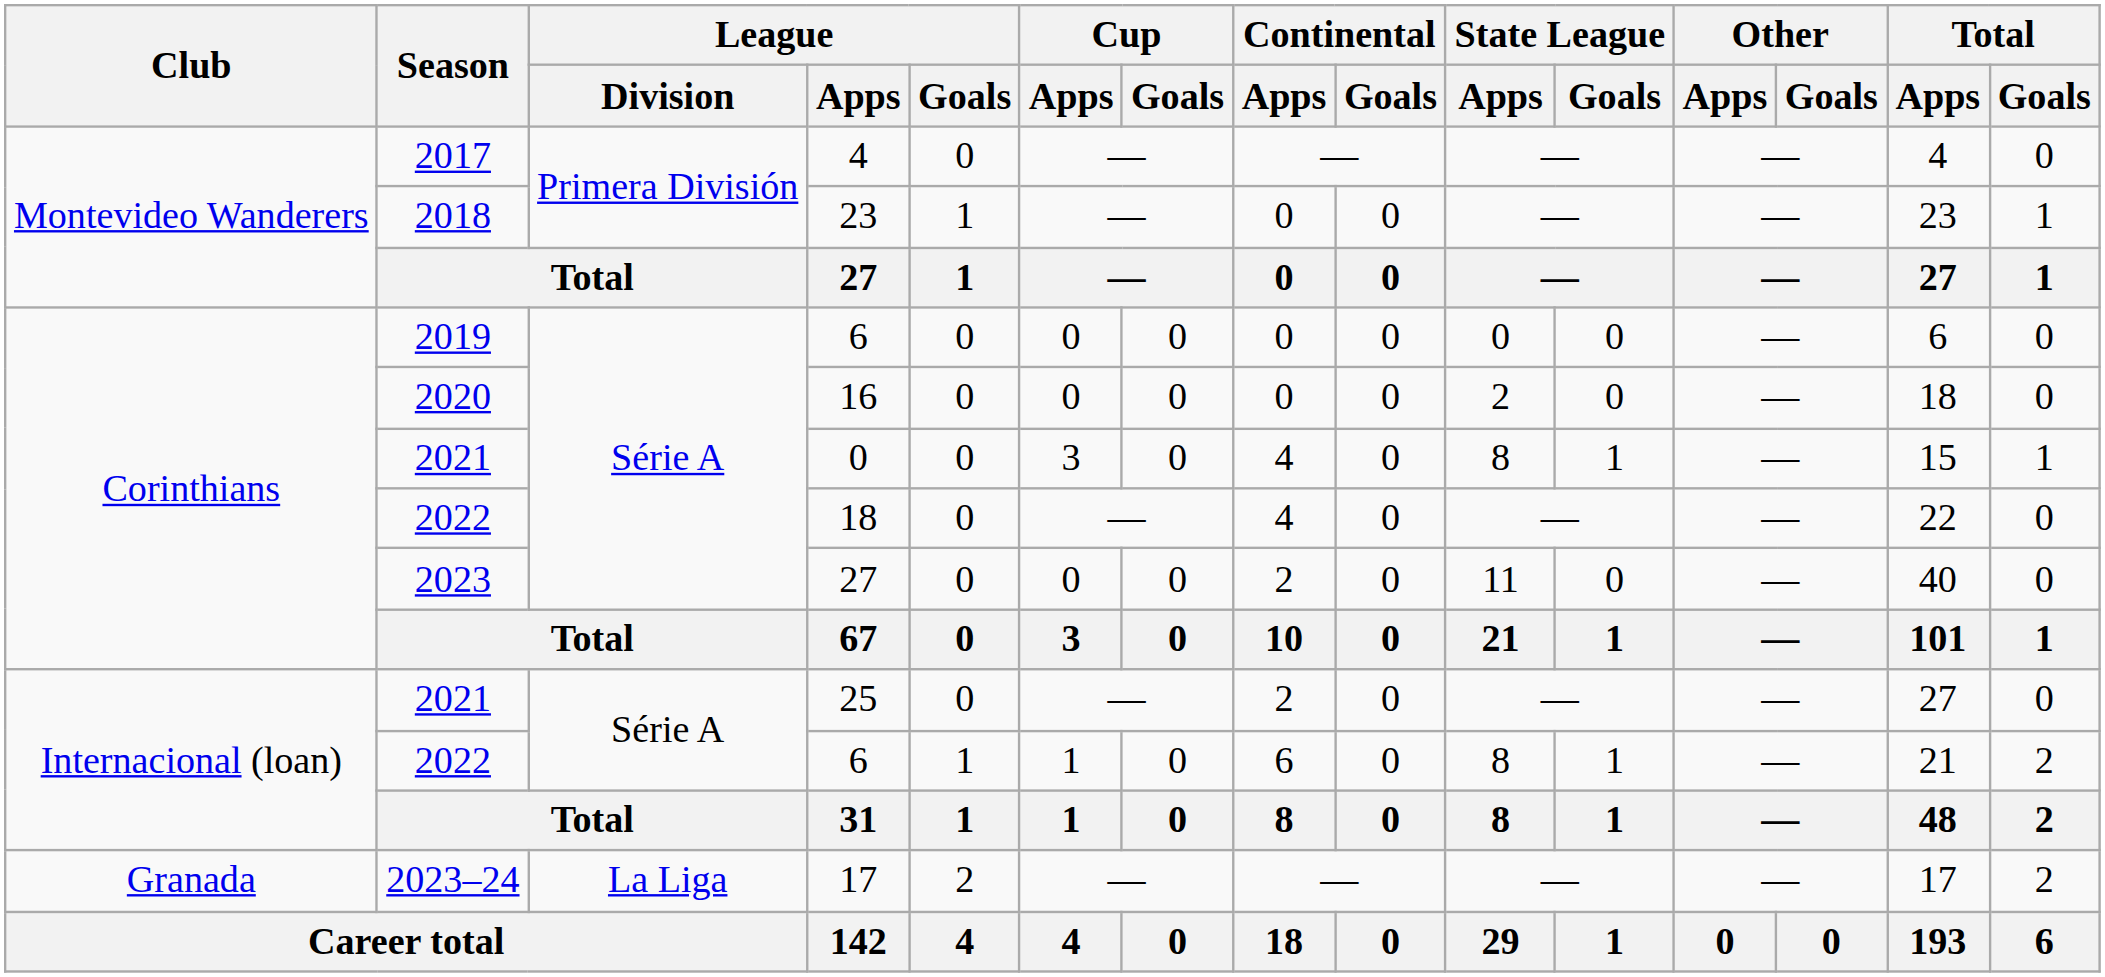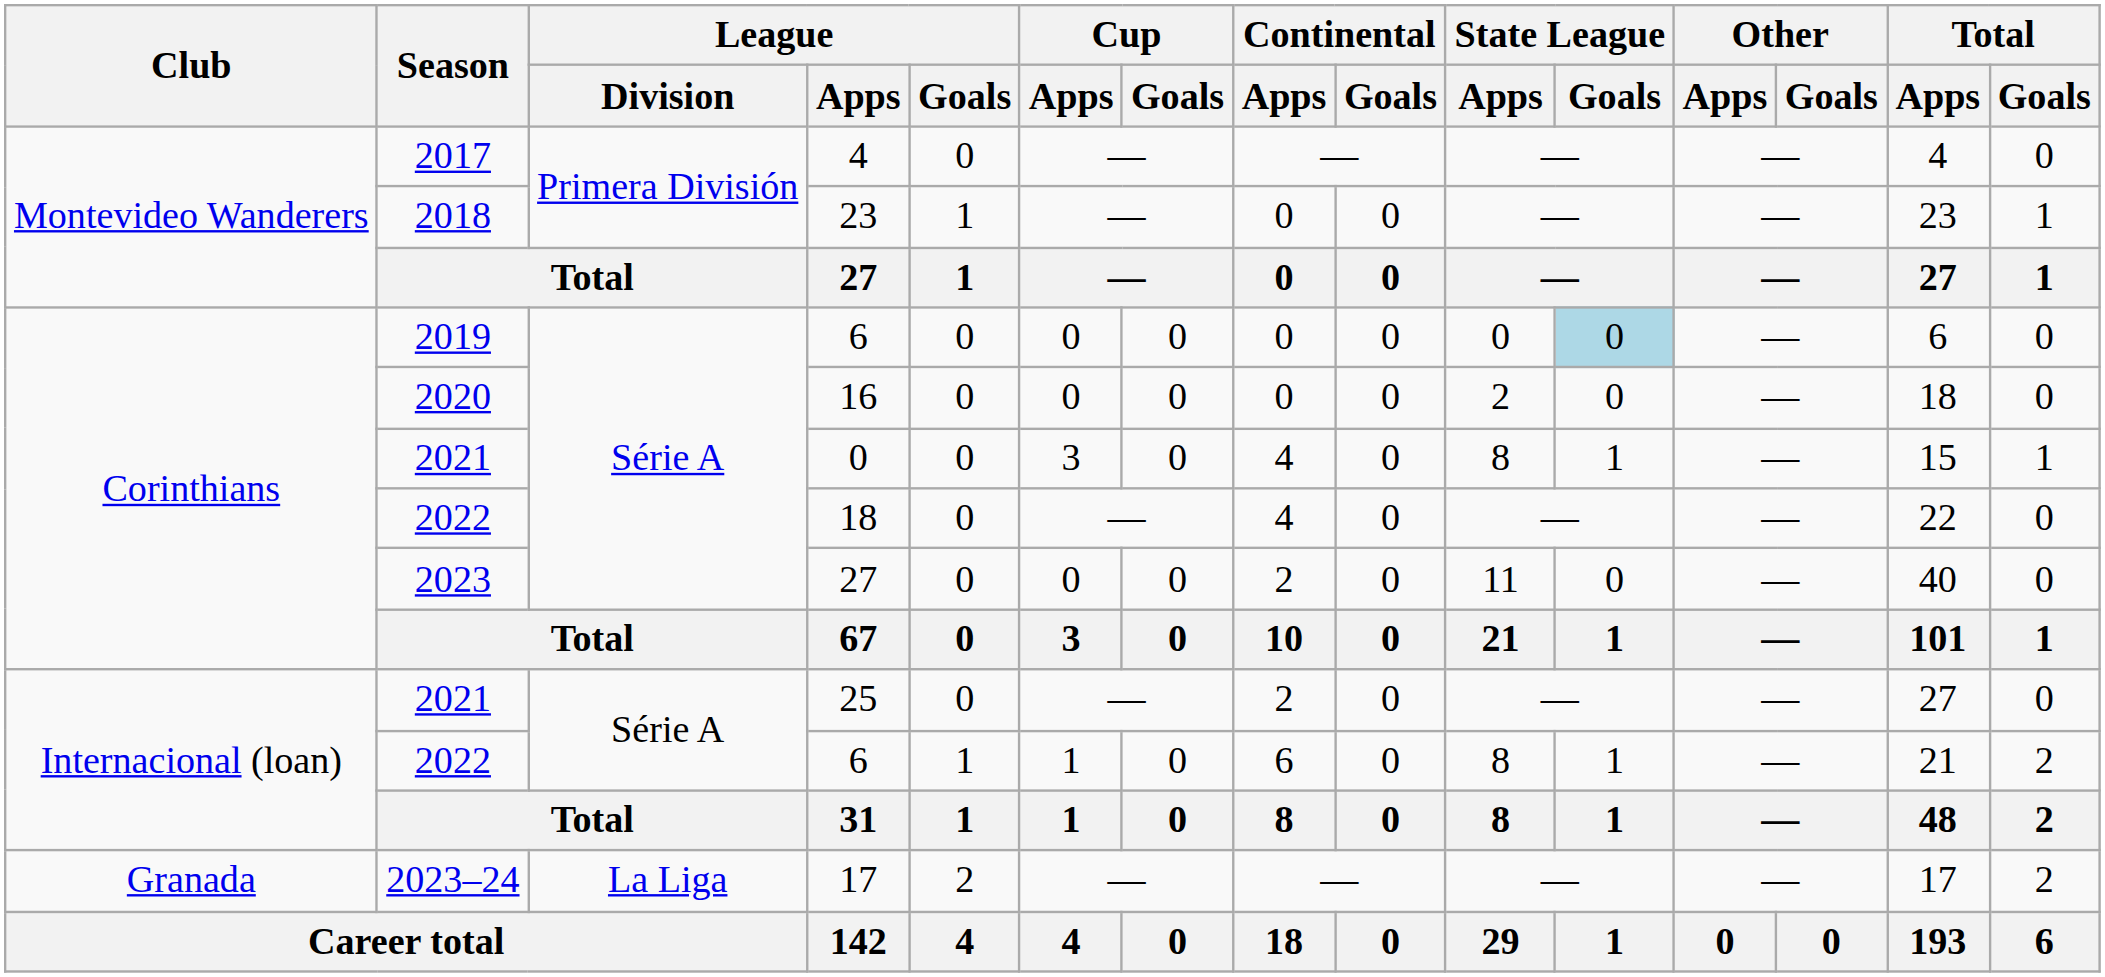 <table class="wikitable" Style="text-align: center">
 <tr>
 <th rowspan="2">Club</th>
 <th rowspan="2">Season</th>
 <th colspan="3">League</th>
 <th colspan="2">Cup</th>
 <th colspan="2">Continental</th>
 <th colspan="2">State League</th>
 <th colspan="2">Other</th>
 <th colspan="2">Total</th>
 </tr>
 <tr>
 <th>Division</th>
 <th>Apps</th>
 <th>Goals</th>
 <th>Apps</th>
 <th>Goals</th>
 <th>Apps</th>
 <th>Goals</th>
 <th>Apps</th>
 <th>Goals</th>
 <th>Apps</th>
 <th>Goals</th>
 <th>Apps</th>
 <th>Goals</th>
 </tr>
 <tr>
 <td rowspan="3"><a href='#'>Montevideo Wanderers</a></td>
 <td><a href='#'>2017</a></td>
 <td rowspan="2"><a href='#'>Primera División</a></td>
 <td>4</td>
 <td>0</td>
 <td colspan="2">—</td>
 <td colspan="2">—</td>
 <td colspan="2">—</td>
 <td colspan="2">—</td>
 <td>4</td>
 <td>0</td>
 </tr>
 <tr>
 <td><a href='#'>2018</a></td>
 <td>23</td>
 <td>1</td>
 <td colspan="2">—</td>
 <td>0</td>
 <td>0</td>
 <td colspan="2">—</td>
 <td colspan="2">—</td>
 <td>23</td>
 <td>1</td>
 </tr>
 <tr>
 <th colspan="2">Total</th>
 <th>27</th>
 <th>1</th>
 <th colspan="2">—</th>
 <th>0</th>
 <th>0</th>
 <th colspan="2">—</th>
 <th colspan="2">—</th>
 <th>27</th>
 <th>1</th>
 </tr>
 <tr>
 <td rowspan="6"><a href='#'>Corinthians</a></td>
 <td><a href='#'>2019</a></td>
 <td rowspan="5"><a href='#'>Série A</a></td>
 <td>6</td>
 <td>0</td>
 <td>0</td>
 <td>0</td>
 <td>0</td>
 <td>0</td>
 <td>0</td>
-<td>0</td>
+<td style="background: lightblue;">0</td>
 <td colspan="2">—</td>
 <td>6</td>
 <td>0</td>
 </tr>
 <tr>
 <td><a href='#'>2020</a></td>
 <td>16</td>
 <td>0</td>
 <td>0</td>
 <td>0</td>
 <td>0</td>
 <td>0</td>
 <td>2</td>
 <td>0</td>
 <td colspan="2">—</td>
 <td>18</td>
 <td>0</td>
 </tr>
 <tr>
 <td><a href='#'>2021</a></td>
 <td>0</td>
 <td>0</td>
 <td>3</td>
 <td>0</td>
 <td>4</td>
 <td>0</td>
 <td>8</td>
 <td>1</td>
 <td colspan="2">—</td>
 <td>15</td>
 <td>1</td>
 </tr>
 <tr>
 <td><a href='#'>2022</a></td>
 <td>18</td>
 <td>0</td>
 <td colspan="2">—</td>
 <td>4</td>
 <td>0</td>
 <td colspan="2">—</td>
 <td colspan="2">—</td>
 <td>22</td>
 <td>0</td>
 </tr>
 <tr>
 <td><a href='#'>2023</a></td>
 <td>27</td>
 <td>0</td>
 <td>0</td>
 <td>0</td>
 <td>2</td>
 <td>0</td>
 <td>11</td>
 <td>0</td>
 <td colspan="2">—</td>
 <td>40</td>
 <td>0</td>
 </tr>
 <tr>
 <th colspan="2">Total</th>
 <th>67</th>
 <th>0</th>
 <th>3</th>
 <th>0</th>
 <th>10</th>
 <th>0</th>
 <th>21</th>
 <th>1</th>
 <th colspan="2">—</th>
 <th>101</th>
 <th>1</th>
 </tr>
 <tr>
 <td rowspan="3"><a href='#'>Internacional</a> (loan)</td>
 <td><a href='#'>2021</a></td>
 <td rowspan="2">Série A</td>
 <td>25</td>
 <td>0</td>
 <td colspan="2">—</td>
 <td>2</td>
 <td>0</td>
 <td colspan="2">—</td>
 <td colspan="2">—</td>
 <td>27</td>
 <td>0</td>
 </tr>
 <tr>
 <td><a href='#'>2022</a></td>
 <td>6</td>
 <td>1</td>
 <td>1</td>
 <td>0</td>
 <td>6</td>
 <td>0</td>
 <td>8</td>
 <td>1</td>
 <td colspan="2">—</td>
 <td>21</td>
 <td>2</td>
 </tr>
 <tr>
 <th colspan="2">Total</th>
 <th>31</th>
 <th>1</th>
 <th>1</th>
 <th>0</th>
 <th>8</th>
 <th>0</th>
 <th>8</th>
 <th>1</th>
 <th colspan="2">—</th>
 <th>48</th>
 <th>2</th>
 </tr>
 <tr>
 <td><a href='#'>Granada</a></td>
 <td><a href='#'>2023–24</a></td>
 <td><a href='#'>La Liga</a></td>
 <td>17</td>
 <td>2</td>
 <td colspan="2">—</td>
 <td colspan="2">—</td>
 <td colspan="2">—</td>
 <td colspan="2">—</td>
 <td>17</td>
 <td>2</td>
 </tr>
 <tr>
 <th colspan="3">Career total</th>
 <th>142</th>
 <th>4</th>
 <th>4</th>
 <th>0</th>
 <th>18</th>
 <th>0</th>
 <th>29</th>
 <th>1</th>
 <th>0</th>
 <th>0</th>
 <th>193</th>
 <th>6</th>
 </tr>
 </table>
